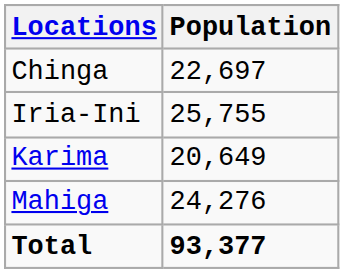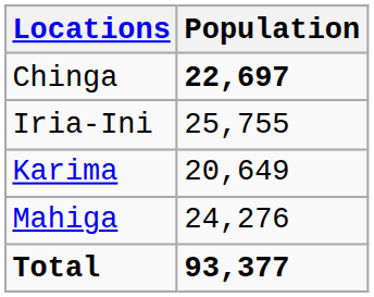 <table class="wikitable">
 <tr>
 <th><a href='#'>Locations</a></th>
 <th>Population</th>
 </tr>
 <tr>
 <td>Chinga</td>
-<td>22,697</td>
+<td><strong>22,697</strong></td>
 </tr>
 <tr>
 <td>Iria-Ini</td>
 <td>25,755</td>
 </tr>
 <tr>
 <td><a href='#'>Karima</a></td>
 <td>20,649</td>
 </tr>
 <tr>
 <td><a href='#'>Mahiga</a></td>
 <td>24,276</td>
 </tr>
 <tr>
 <td><strong>Total</strong></td>
 <td><strong>93,377</strong></td>
 </tr>
 </table>
